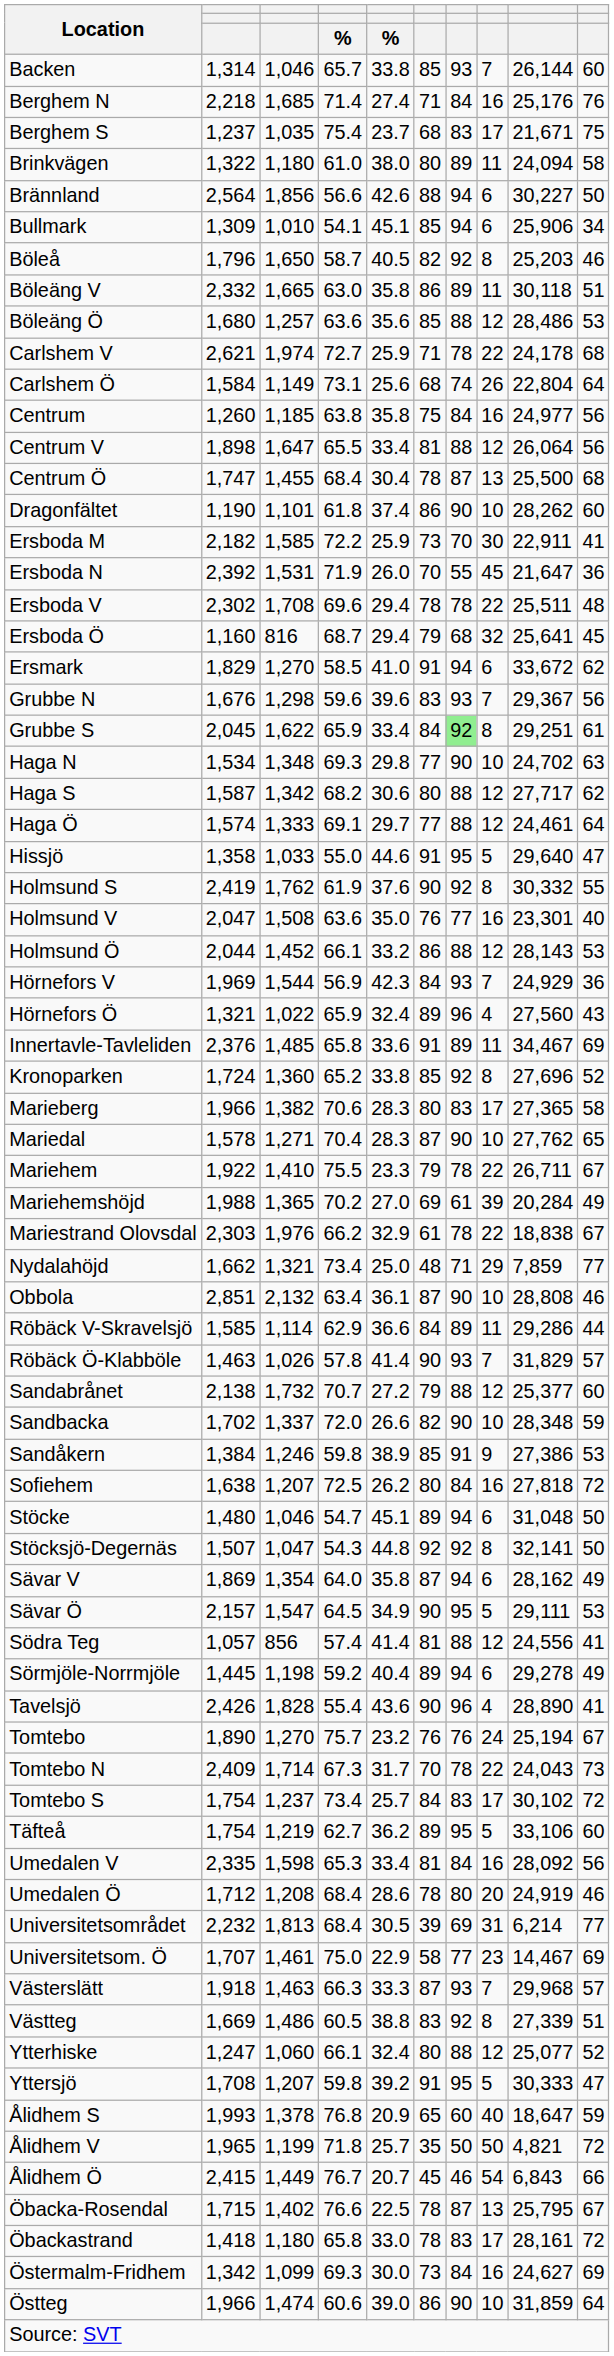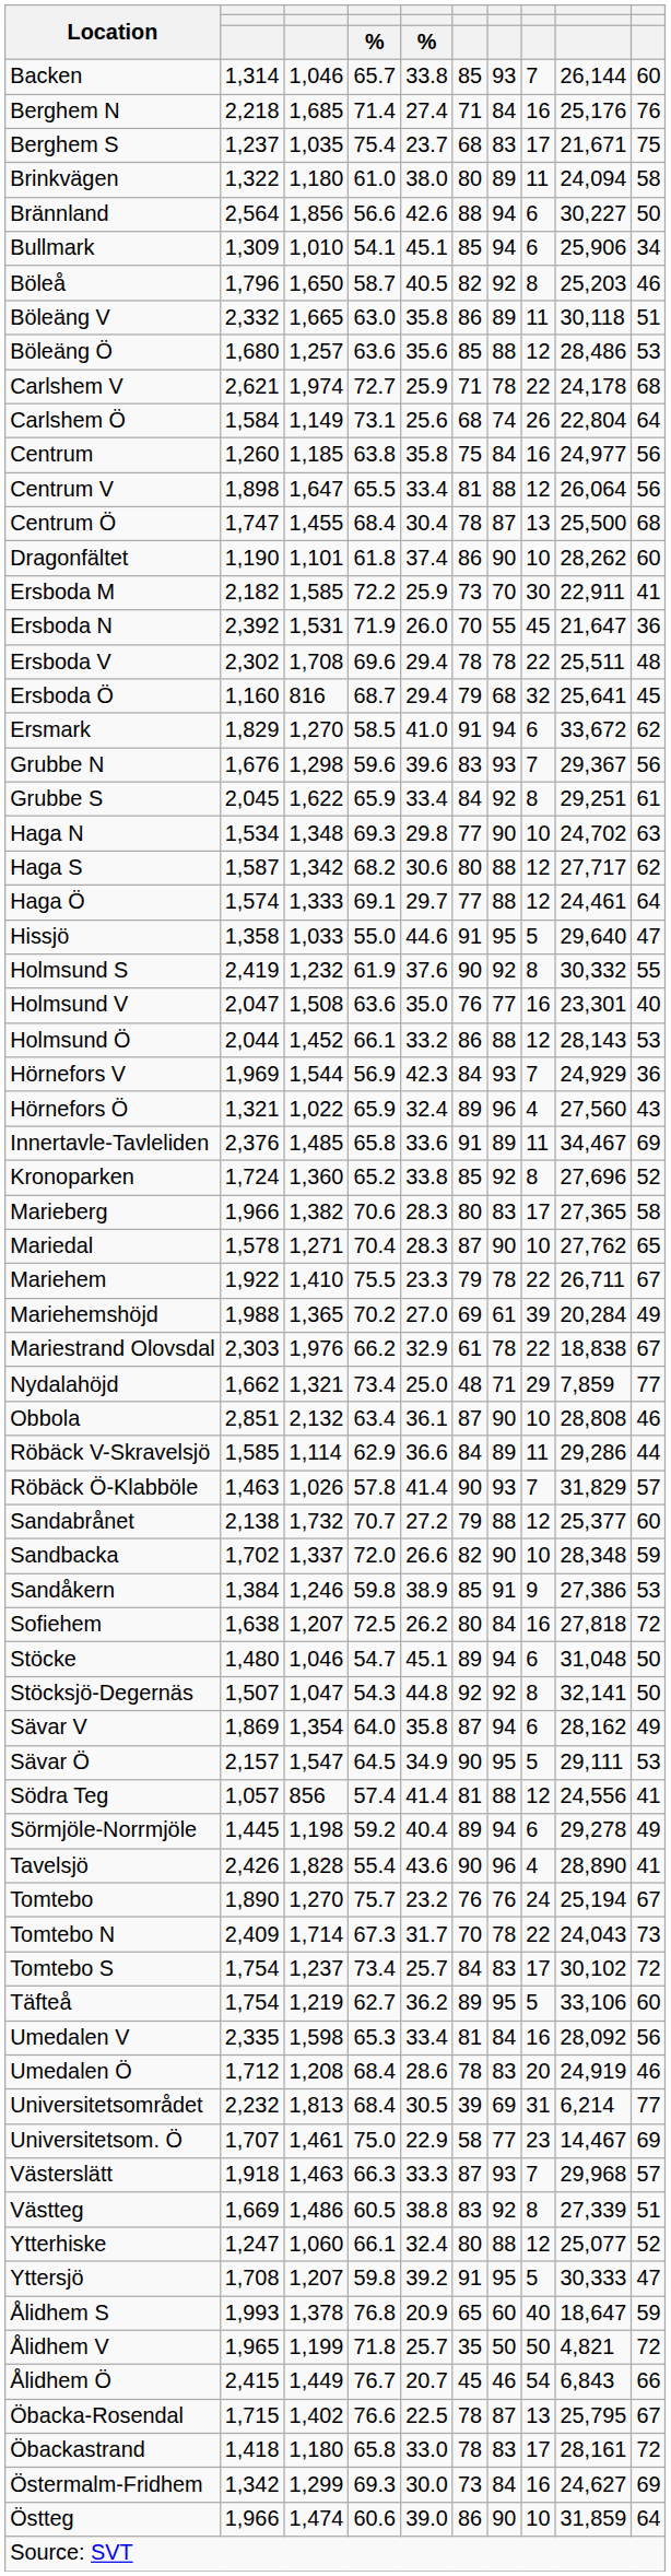 <table role="presentation" class="wikitable sortable mw-collapsible mw-collapsed">
 <tr>
 <th rowspan="3">Location</th>
 <th></th>
 <th></th>
 <th></th>
 <th></th>
 <th></th>
 <th></th>
 <th></th>
 <th></th>
 <th></th>
 </tr>
 <tr>
 <th></th>
 <th></th>
 <th style="background:"></th>
 <th style="background:"></th>
 <th></th>
 <th></th>
 <th></th>
 <th></th>
 <th></th>
 </tr>
 <tr>
 <th data-sort-type="number"></th>
 <th data-sort-type="number"></th>
 <th data-sort-type="number">%</th>
 <th data-sort-type="number">%</th>
 <th data-sort-type="number"></th>
 <th data-sort-type="number"></th>
 <th data-sort-type="number"></th>
 <th data-sort-type="number"></th>
 <th data-sort-type="number"></th>
 </tr>
 <tr>
 <td align="left">Backen</td>
 <td>1,314</td>
 <td>1,046</td>
 <td>65.7</td>
 <td>33.8</td>
 <td>85</td>
 <td>93</td>
 <td>7</td>
 <td>26,144</td>
 <td>60</td>
 </tr>
 <tr>
 <td align="left">Berghem N</td>
 <td>2,218</td>
 <td>1,685</td>
 <td>71.4</td>
 <td>27.4</td>
 <td>71</td>
 <td>84</td>
 <td>16</td>
 <td>25,176</td>
 <td>76</td>
 </tr>
 <tr>
 <td align="left">Berghem S</td>
 <td>1,237</td>
 <td>1,035</td>
 <td>75.4</td>
 <td>23.7</td>
 <td>68</td>
 <td>83</td>
 <td>17</td>
 <td>21,671</td>
 <td>75</td>
 </tr>
 <tr>
 <td align="left">Brinkvägen</td>
 <td>1,322</td>
 <td>1,180</td>
 <td>61.0</td>
 <td>38.0</td>
 <td>80</td>
 <td>89</td>
 <td>11</td>
 <td>24,094</td>
 <td>58</td>
 </tr>
 <tr>
 <td align="left">Brännland</td>
 <td>2,564</td>
 <td>1,856</td>
 <td>56.6</td>
 <td>42.6</td>
 <td>88</td>
 <td>94</td>
 <td>6</td>
 <td>30,227</td>
 <td>50</td>
 </tr>
 <tr>
 <td align="left">Bullmark</td>
 <td>1,309</td>
 <td>1,010</td>
 <td>54.1</td>
 <td>45.1</td>
 <td>85</td>
 <td>94</td>
 <td>6</td>
 <td>25,906</td>
 <td>34</td>
 </tr>
 <tr>
 <td align="left">Böleå</td>
 <td>1,796</td>
 <td>1,650</td>
 <td>58.7</td>
 <td>40.5</td>
 <td>82</td>
 <td>92</td>
 <td>8</td>
 <td>25,203</td>
 <td>46</td>
 </tr>
 <tr>
 <td align="left">Böleäng V</td>
 <td>2,332</td>
 <td>1,665</td>
 <td>63.0</td>
 <td>35.8</td>
 <td>86</td>
 <td>89</td>
 <td>11</td>
 <td>30,118</td>
 <td>51</td>
 </tr>
 <tr>
 <td align="left">Böleäng Ö</td>
 <td>1,680</td>
 <td>1,257</td>
 <td>63.6</td>
 <td>35.6</td>
 <td>85</td>
 <td>88</td>
 <td>12</td>
 <td>28,486</td>
 <td>53</td>
 </tr>
 <tr>
 <td align="left">Carlshem V</td>
 <td>2,621</td>
 <td>1,974</td>
 <td>72.7</td>
 <td>25.9</td>
 <td>71</td>
 <td>78</td>
 <td>22</td>
 <td>24,178</td>
 <td>68</td>
 </tr>
 <tr>
 <td align="left">Carlshem Ö</td>
 <td>1,584</td>
 <td>1,149</td>
 <td>73.1</td>
 <td>25.6</td>
 <td>68</td>
 <td>74</td>
 <td>26</td>
 <td>22,804</td>
 <td>64</td>
 </tr>
 <tr>
 <td align="left">Centrum</td>
 <td>1,260</td>
 <td>1,185</td>
 <td>63.8</td>
 <td>35.8</td>
 <td>75</td>
 <td>84</td>
 <td>16</td>
 <td>24,977</td>
 <td>56</td>
 </tr>
 <tr>
 <td align="left">Centrum V</td>
 <td>1,898</td>
 <td>1,647</td>
 <td>65.5</td>
 <td>33.4</td>
 <td>81</td>
 <td>88</td>
 <td>12</td>
 <td>26,064</td>
 <td>56</td>
 </tr>
 <tr>
 <td align="left">Centrum Ö</td>
 <td>1,747</td>
 <td>1,455</td>
 <td>68.4</td>
 <td>30.4</td>
 <td>78</td>
 <td>87</td>
 <td>13</td>
 <td>25,500</td>
 <td>68</td>
 </tr>
 <tr>
 <td align="left">Dragonfältet</td>
 <td>1,190</td>
 <td>1,101</td>
 <td>61.8</td>
 <td>37.4</td>
 <td>86</td>
 <td>90</td>
 <td>10</td>
 <td>28,262</td>
 <td>60</td>
 </tr>
 <tr>
 <td align="left">Ersboda M</td>
 <td>2,182</td>
 <td>1,585</td>
 <td>72.2</td>
 <td>25.9</td>
 <td>73</td>
 <td>70</td>
 <td>30</td>
 <td>22,911</td>
 <td>41</td>
 </tr>
 <tr>
 <td align="left">Ersboda N</td>
 <td>2,392</td>
 <td>1,531</td>
 <td>71.9</td>
 <td>26.0</td>
 <td>70</td>
 <td>55</td>
 <td>45</td>
 <td>21,647</td>
 <td>36</td>
 </tr>
 <tr>
 <td align="left">Ersboda V</td>
 <td>2,302</td>
 <td>1,708</td>
 <td>69.6</td>
 <td>29.4</td>
 <td>78</td>
 <td>78</td>
 <td>22</td>
 <td>25,511</td>
 <td>48</td>
 </tr>
 <tr>
 <td align="left">Ersboda Ö</td>
 <td>1,160</td>
 <td>816</td>
 <td>68.7</td>
 <td>29.4</td>
 <td>79</td>
 <td>68</td>
 <td>32</td>
 <td>25,641</td>
 <td>45</td>
 </tr>
 <tr>
 <td align="left">Ersmark</td>
 <td>1,829</td>
 <td>1,270</td>
 <td>58.5</td>
 <td>41.0</td>
 <td>91</td>
 <td>94</td>
 <td>6</td>
 <td>33,672</td>
 <td>62</td>
 </tr>
 <tr>
 <td align="left">Grubbe N</td>
 <td>1,676</td>
 <td>1,298</td>
 <td>59.6</td>
 <td>39.6</td>
 <td>83</td>
 <td>93</td>
 <td>7</td>
 <td>29,367</td>
 <td>56</td>
 </tr>
 <tr>
 <td align="left">Grubbe S</td>
 <td>2,045</td>
 <td>1,622</td>
 <td>65.9</td>
 <td>33.4</td>
 <td>84</td>
-<td style="background: lightgreen;">92</td>
+<td>92</td>
 <td>8</td>
 <td>29,251</td>
 <td>61</td>
 </tr>
 <tr>
 <td align="left">Haga N</td>
 <td>1,534</td>
 <td>1,348</td>
 <td>69.3</td>
 <td>29.8</td>
 <td>77</td>
 <td>90</td>
 <td>10</td>
 <td>24,702</td>
 <td>63</td>
 </tr>
 <tr>
 <td align="left">Haga S</td>
 <td>1,587</td>
 <td>1,342</td>
 <td>68.2</td>
 <td>30.6</td>
 <td>80</td>
 <td>88</td>
 <td>12</td>
 <td>27,717</td>
 <td>62</td>
 </tr>
 <tr>
 <td align="left">Haga Ö</td>
 <td>1,574</td>
 <td>1,333</td>
 <td>69.1</td>
 <td>29.7</td>
 <td>77</td>
 <td>88</td>
 <td>12</td>
 <td>24,461</td>
 <td>64</td>
 </tr>
 <tr>
 <td align="left">Hissjö</td>
 <td>1,358</td>
 <td>1,033</td>
 <td>55.0</td>
 <td>44.6</td>
 <td>91</td>
 <td>95</td>
 <td>5</td>
 <td>29,640</td>
 <td>47</td>
 </tr>
 <tr>
 <td align="left">Holmsund S</td>
 <td>2,419</td>
-<td>1,762</td>
+<td>1,232</td>
 <td>61.9</td>
 <td>37.6</td>
 <td>90</td>
 <td>92</td>
 <td>8</td>
 <td>30,332</td>
 <td>55</td>
 </tr>
 <tr>
 <td align="left">Holmsund V</td>
 <td>2,047</td>
 <td>1,508</td>
 <td>63.6</td>
 <td>35.0</td>
 <td>76</td>
 <td>77</td>
 <td>16</td>
 <td>23,301</td>
 <td>40</td>
 </tr>
 <tr>
 <td align="left">Holmsund Ö</td>
 <td>2,044</td>
 <td>1,452</td>
 <td>66.1</td>
 <td>33.2</td>
 <td>86</td>
 <td>88</td>
 <td>12</td>
 <td>28,143</td>
 <td>53</td>
 </tr>
 <tr>
 <td align="left">Hörnefors V</td>
 <td>1,969</td>
 <td>1,544</td>
 <td>56.9</td>
 <td>42.3</td>
 <td>84</td>
 <td>93</td>
 <td>7</td>
 <td>24,929</td>
 <td>36</td>
 </tr>
 <tr>
 <td align="left">Hörnefors Ö</td>
 <td>1,321</td>
 <td>1,022</td>
 <td>65.9</td>
 <td>32.4</td>
 <td>89</td>
 <td>96</td>
 <td>4</td>
 <td>27,560</td>
 <td>43</td>
 </tr>
 <tr>
 <td align="left">Innertavle-Tavleliden</td>
 <td>2,376</td>
 <td>1,485</td>
 <td>65.8</td>
 <td>33.6</td>
 <td>91</td>
 <td>89</td>
 <td>11</td>
 <td>34,467</td>
 <td>69</td>
 </tr>
 <tr>
 <td align="left">Kronoparken</td>
 <td>1,724</td>
 <td>1,360</td>
 <td>65.2</td>
 <td>33.8</td>
 <td>85</td>
 <td>92</td>
 <td>8</td>
 <td>27,696</td>
 <td>52</td>
 </tr>
 <tr>
 <td align="left">Marieberg</td>
 <td>1,966</td>
 <td>1,382</td>
 <td>70.6</td>
 <td>28.3</td>
 <td>80</td>
 <td>83</td>
 <td>17</td>
 <td>27,365</td>
 <td>58</td>
 </tr>
 <tr>
 <td align="left">Mariedal</td>
 <td>1,578</td>
 <td>1,271</td>
 <td>70.4</td>
 <td>28.3</td>
 <td>87</td>
 <td>90</td>
 <td>10</td>
 <td>27,762</td>
 <td>65</td>
 </tr>
 <tr>
 <td align="left">Mariehem</td>
 <td>1,922</td>
 <td>1,410</td>
 <td>75.5</td>
 <td>23.3</td>
 <td>79</td>
 <td>78</td>
 <td>22</td>
 <td>26,711</td>
 <td>67</td>
 </tr>
 <tr>
 <td align="left">Mariehemshöjd</td>
 <td>1,988</td>
 <td>1,365</td>
 <td>70.2</td>
 <td>27.0</td>
 <td>69</td>
 <td>61</td>
 <td>39</td>
 <td>20,284</td>
 <td>49</td>
 </tr>
 <tr>
 <td align="left">Mariestrand Olovsdal</td>
 <td>2,303</td>
 <td>1,976</td>
 <td>66.2</td>
 <td>32.9</td>
 <td>61</td>
 <td>78</td>
 <td>22</td>
 <td>18,838</td>
 <td>67</td>
 </tr>
 <tr>
 <td align="left">Nydalahöjd</td>
 <td>1,662</td>
 <td>1,321</td>
 <td>73.4</td>
 <td>25.0</td>
 <td>48</td>
 <td>71</td>
 <td>29</td>
 <td>7,859</td>
 <td>77</td>
 </tr>
 <tr>
 <td align="left">Obbola</td>
 <td>2,851</td>
 <td>2,132</td>
 <td>63.4</td>
 <td>36.1</td>
 <td>87</td>
 <td>90</td>
 <td>10</td>
 <td>28,808</td>
 <td>46</td>
 </tr>
 <tr>
 <td align="left">Röbäck V-Skravelsjö</td>
 <td>1,585</td>
 <td>1,114</td>
 <td>62.9</td>
 <td>36.6</td>
 <td>84</td>
 <td>89</td>
 <td>11</td>
 <td>29,286</td>
 <td>44</td>
 </tr>
 <tr>
 <td align="left">Röbäck Ö-Klabböle</td>
 <td>1,463</td>
 <td>1,026</td>
 <td>57.8</td>
 <td>41.4</td>
 <td>90</td>
 <td>93</td>
 <td>7</td>
 <td>31,829</td>
 <td>57</td>
 </tr>
 <tr>
 <td align="left">Sandabrånet</td>
 <td>2,138</td>
 <td>1,732</td>
 <td>70.7</td>
 <td>27.2</td>
 <td>79</td>
 <td>88</td>
 <td>12</td>
 <td>25,377</td>
 <td>60</td>
 </tr>
 <tr>
 <td align="left">Sandbacka</td>
 <td>1,702</td>
 <td>1,337</td>
 <td>72.0</td>
 <td>26.6</td>
 <td>82</td>
 <td>90</td>
 <td>10</td>
 <td>28,348</td>
 <td>59</td>
 </tr>
 <tr>
 <td align="left">Sandåkern</td>
 <td>1,384</td>
 <td>1,246</td>
 <td>59.8</td>
 <td>38.9</td>
 <td>85</td>
 <td>91</td>
 <td>9</td>
 <td>27,386</td>
 <td>53</td>
 </tr>
 <tr>
 <td align="left">Sofiehem</td>
 <td>1,638</td>
 <td>1,207</td>
 <td>72.5</td>
 <td>26.2</td>
 <td>80</td>
 <td>84</td>
 <td>16</td>
 <td>27,818</td>
 <td>72</td>
 </tr>
 <tr>
 <td align="left">Stöcke</td>
 <td>1,480</td>
 <td>1,046</td>
 <td>54.7</td>
 <td>45.1</td>
 <td>89</td>
 <td>94</td>
 <td>6</td>
 <td>31,048</td>
 <td>50</td>
 </tr>
 <tr>
 <td align="left">Stöcksjö-Degernäs</td>
 <td>1,507</td>
 <td>1,047</td>
 <td>54.3</td>
 <td>44.8</td>
 <td>92</td>
 <td>92</td>
 <td>8</td>
 <td>32,141</td>
 <td>50</td>
 </tr>
 <tr>
 <td align="left">Sävar V</td>
 <td>1,869</td>
 <td>1,354</td>
 <td>64.0</td>
 <td>35.8</td>
 <td>87</td>
 <td>94</td>
 <td>6</td>
 <td>28,162</td>
 <td>49</td>
 </tr>
 <tr>
 <td align="left">Sävar Ö</td>
 <td>2,157</td>
 <td>1,547</td>
 <td>64.5</td>
 <td>34.9</td>
 <td>90</td>
 <td>95</td>
 <td>5</td>
 <td>29,111</td>
 <td>53</td>
 </tr>
 <tr>
 <td align="left">Södra Teg</td>
 <td>1,057</td>
 <td>856</td>
 <td>57.4</td>
 <td>41.4</td>
 <td>81</td>
 <td>88</td>
 <td>12</td>
 <td>24,556</td>
 <td>41</td>
 </tr>
 <tr>
 <td align="left">Sörmjöle-Norrmjöle</td>
 <td>1,445</td>
 <td>1,198</td>
 <td>59.2</td>
 <td>40.4</td>
 <td>89</td>
 <td>94</td>
 <td>6</td>
 <td>29,278</td>
 <td>49</td>
 </tr>
 <tr>
 <td align="left">Tavelsjö</td>
 <td>2,426</td>
 <td>1,828</td>
 <td>55.4</td>
 <td>43.6</td>
 <td>90</td>
 <td>96</td>
 <td>4</td>
 <td>28,890</td>
 <td>41</td>
 </tr>
 <tr>
 <td align="left">Tomtebo</td>
 <td>1,890</td>
 <td>1,270</td>
 <td>75.7</td>
 <td>23.2</td>
 <td>76</td>
 <td>76</td>
 <td>24</td>
 <td>25,194</td>
 <td>67</td>
 </tr>
 <tr>
 <td align="left">Tomtebo N</td>
 <td>2,409</td>
 <td>1,714</td>
 <td>67.3</td>
 <td>31.7</td>
 <td>70</td>
 <td>78</td>
 <td>22</td>
 <td>24,043</td>
 <td>73</td>
 </tr>
 <tr>
 <td align="left">Tomtebo S</td>
 <td>1,754</td>
 <td>1,237</td>
 <td>73.4</td>
 <td>25.7</td>
 <td>84</td>
 <td>83</td>
 <td>17</td>
 <td>30,102</td>
 <td>72</td>
 </tr>
 <tr>
 <td align="left">Täfteå</td>
 <td>1,754</td>
 <td>1,219</td>
 <td>62.7</td>
 <td>36.2</td>
 <td>89</td>
 <td>95</td>
 <td>5</td>
 <td>33,106</td>
 <td>60</td>
 </tr>
 <tr>
 <td align="left">Umedalen V</td>
 <td>2,335</td>
 <td>1,598</td>
 <td>65.3</td>
 <td>33.4</td>
 <td>81</td>
 <td>84</td>
 <td>16</td>
 <td>28,092</td>
 <td>56</td>
 </tr>
 <tr>
 <td align="left">Umedalen Ö</td>
 <td>1,712</td>
 <td>1,208</td>
 <td>68.4</td>
 <td>28.6</td>
 <td>78</td>
-<td>80</td>
+<td>83</td>
 <td>20</td>
 <td>24,919</td>
 <td>46</td>
 </tr>
 <tr>
 <td align="left">Universitetsområdet</td>
 <td>2,232</td>
 <td>1,813</td>
 <td>68.4</td>
 <td>30.5</td>
 <td>39</td>
 <td>69</td>
 <td>31</td>
 <td>6,214</td>
 <td>77</td>
 </tr>
 <tr>
 <td align="left">Universitetsom. Ö</td>
 <td>1,707</td>
 <td>1,461</td>
 <td>75.0</td>
 <td>22.9</td>
 <td>58</td>
 <td>77</td>
 <td>23</td>
 <td>14,467</td>
 <td>69</td>
 </tr>
 <tr>
 <td align="left">Västerslätt</td>
 <td>1,918</td>
 <td>1,463</td>
 <td>66.3</td>
 <td>33.3</td>
 <td>87</td>
 <td>93</td>
 <td>7</td>
 <td>29,968</td>
 <td>57</td>
 </tr>
 <tr>
 <td align="left">Västteg</td>
 <td>1,669</td>
 <td>1,486</td>
 <td>60.5</td>
 <td>38.8</td>
 <td>83</td>
 <td>92</td>
 <td>8</td>
 <td>27,339</td>
 <td>51</td>
 </tr>
 <tr>
 <td align="left">Ytterhiske</td>
 <td>1,247</td>
 <td>1,060</td>
 <td>66.1</td>
 <td>32.4</td>
 <td>80</td>
 <td>88</td>
 <td>12</td>
 <td>25,077</td>
 <td>52</td>
 </tr>
 <tr>
 <td align="left">Yttersjö</td>
 <td>1,708</td>
 <td>1,207</td>
 <td>59.8</td>
 <td>39.2</td>
 <td>91</td>
 <td>95</td>
 <td>5</td>
 <td>30,333</td>
 <td>47</td>
 </tr>
 <tr>
 <td align="left">Ålidhem S</td>
 <td>1,993</td>
 <td>1,378</td>
 <td>76.8</td>
 <td>20.9</td>
 <td>65</td>
 <td>60</td>
 <td>40</td>
 <td>18,647</td>
 <td>59</td>
 </tr>
 <tr>
 <td align="left">Ålidhem V</td>
 <td>1,965</td>
 <td>1,199</td>
 <td>71.8</td>
 <td>25.7</td>
 <td>35</td>
 <td>50</td>
 <td>50</td>
 <td>4,821</td>
 <td>72</td>
 </tr>
 <tr>
 <td align="left">Ålidhem Ö</td>
 <td>2,415</td>
 <td>1,449</td>
 <td>76.7</td>
 <td>20.7</td>
 <td>45</td>
 <td>46</td>
 <td>54</td>
 <td>6,843</td>
 <td>66</td>
 </tr>
 <tr>
 <td align="left">Öbacka-Rosendal</td>
 <td>1,715</td>
 <td>1,402</td>
 <td>76.6</td>
 <td>22.5</td>
 <td>78</td>
 <td>87</td>
 <td>13</td>
 <td>25,795</td>
 <td>67</td>
 </tr>
 <tr>
 <td align="left">Öbackastrand</td>
 <td>1,418</td>
 <td>1,180</td>
 <td>65.8</td>
 <td>33.0</td>
 <td>78</td>
 <td>83</td>
 <td>17</td>
 <td>28,161</td>
 <td>72</td>
 </tr>
 <tr>
 <td align="left">Östermalm-Fridhem</td>
 <td>1,342</td>
-<td>1,099</td>
+<td>1,299</td>
 <td>69.3</td>
 <td>30.0</td>
 <td>73</td>
 <td>84</td>
 <td>16</td>
 <td>24,627</td>
 <td>69</td>
 </tr>
 <tr>
 <td align="left">Östteg</td>
 <td>1,966</td>
 <td>1,474</td>
 <td>60.6</td>
 <td>39.0</td>
 <td>86</td>
 <td>90</td>
 <td>10</td>
 <td>31,859</td>
 <td>64</td>
 </tr>
 <tr>
 <td colspan="10" align="left">Source: <a href='#'>SVT</a></td>
 </tr>
 </table>
